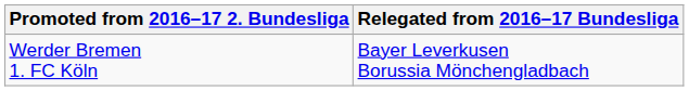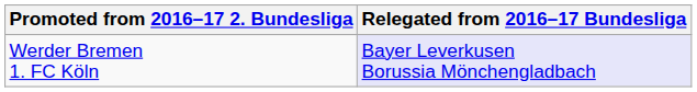 <table class="wikitable">
 <tr>
 <th>Promoted from <a href='#'>2016–17 2. Bundesliga</a></th>
 <th>Relegated from <a href='#'>2016–17 Bundesliga</a></th>
 </tr>
 <tr>
 <td><a href='#'>Werder Bremen</a><br><a href='#'>1. FC Köln</a></td>
-<td><a href='#'>Bayer Leverkusen</a><br><a href='#'>Borussia Mönchengladbach</a></td>
+<td style="background: lavender;"><a href='#'>Bayer Leverkusen</a><br><a href='#'>Borussia Mönchengladbach</a></td>
 </tr>
 </table>
